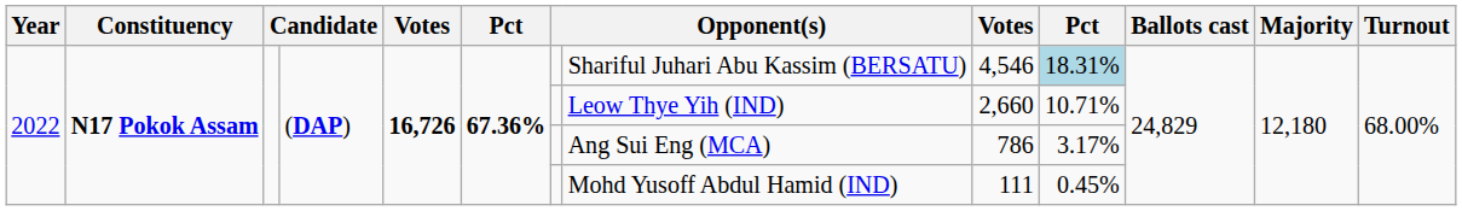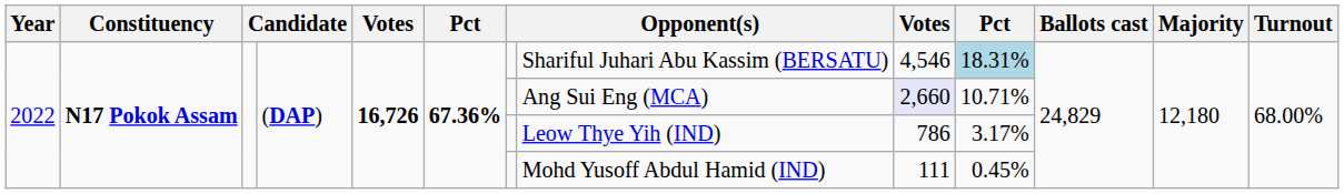 <table class="wikitable" style="margin:0.5em ; font-size:95%">
 <tr>
 <th>Year</th>
 <th>Constituency</th>
 <th colspan=2>Candidate</th>
 <th>Votes</th>
 <th>Pct</th>
 <th colspan=2>Opponent(s)</th>
 <th>Votes</th>
 <th>Pct</th>
 <th>Ballots cast</th>
 <th>Majority</th>
 <th>Turnout</th>
 </tr>
 <tr>
 <td rowspan=4><a href='#'>2022</a></td>
 <td rowspan=4><strong>N17 <a href='#'>Pokok Assam</a></strong></td>
 <td rowspan=4 ></td>
 <td rowspan=4> (<a href='#'><strong>DAP</strong></a>)</td>
 <td rowspan=4 align=right><strong>16,726</strong></td>
 <td rowspan=4><strong>67.36%</strong></td>
 <td></td>
 <td>Shariful Juhari Abu Kassim (<a href='#'>BERSATU</a>)</td>
 <td align=right>4,546</td>
 <td align=right style="background: lightblue;">18.31%</td>
 <td rowspan=4>24,829</td>
 <td rowspan=4>12,180</td>
 <td rowspan=4>68.00%</td>
 </tr>
 <tr>
 <td></td>
-<td><a href='#'>Leow Thye Yih</a> (<a href='#'>IND</a>)</td>
-<td align=right>2,660</td>
+<td>Ang Sui Eng (<a href='#'>MCA</a>)</td>
+<td align=right style="background: lavender;">2,660</td>
 <td align=right>10.71%</td>
 </tr>
 <tr>
 <td></td>
-<td>Ang Sui Eng (<a href='#'>MCA</a>)</td>
+<td><a href='#'>Leow Thye Yih</a> (<a href='#'>IND</a>)</td>
 <td align=right>786</td>
 <td align=right>3.17%</td>
 </tr>
 <tr>
 <td></td>
 <td>Mohd Yusoff Abdul Hamid (<a href='#'>IND</a>)</td>
 <td align=right>111</td>
 <td align=right>0.45%</td>
 </tr>
 </table>
